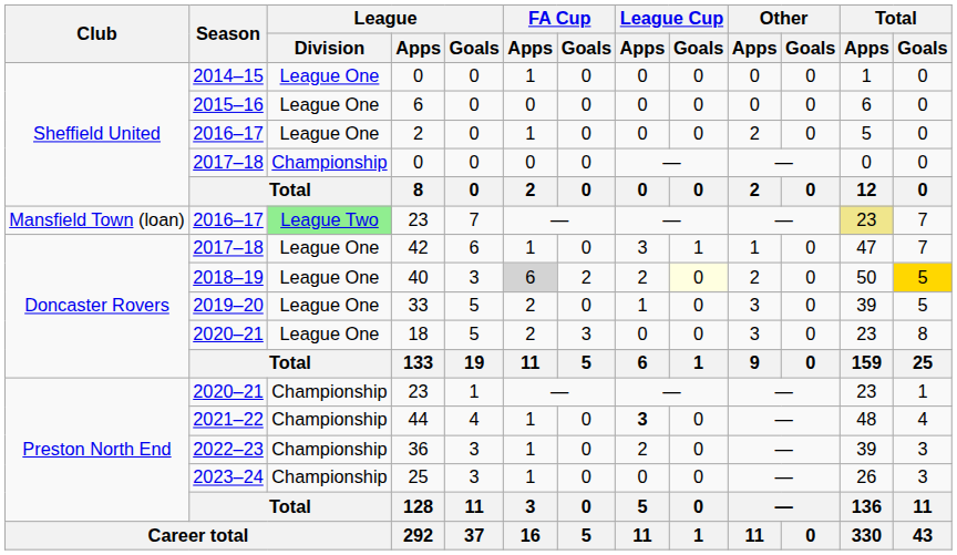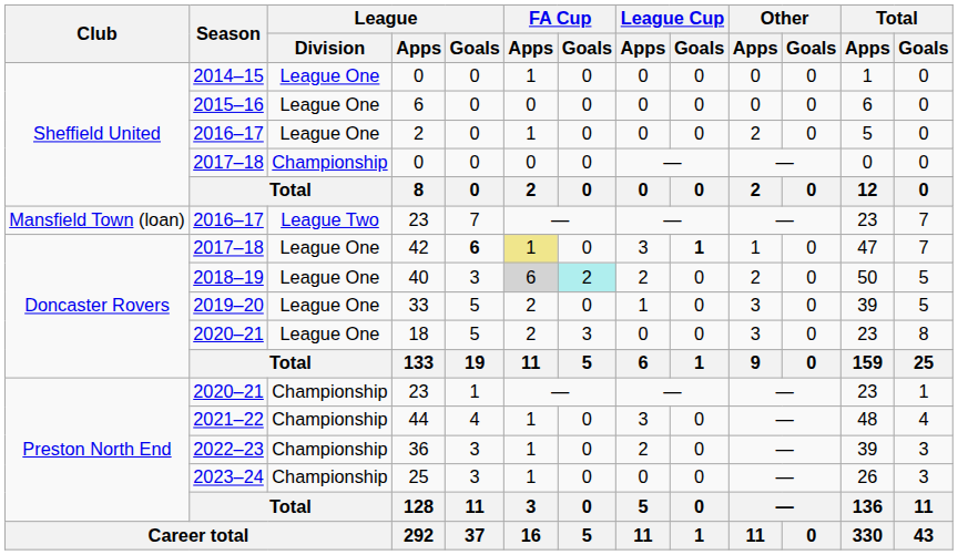 <table class="wikitable" style="text-align: center">
 <tr>
 <th rowspan="2">Club</th>
 <th rowspan="2">Season</th>
 <th colspan="3">League</th>
 <th colspan="2"><a href='#'>FA Cup</a></th>
 <th colspan="2"><a href='#'>League Cup</a></th>
 <th colspan="2">Other</th>
 <th colspan="2">Total</th>
 </tr>
 <tr>
 <th>Division</th>
 <th>Apps</th>
 <th>Goals</th>
 <th>Apps</th>
 <th>Goals</th>
 <th>Apps</th>
 <th>Goals</th>
 <th>Apps</th>
 <th>Goals</th>
 <th>Apps</th>
 <th>Goals</th>
 </tr>
 <tr>
 <td rowspan=5><a href='#'>Sheffield United</a></td>
 <td><a href='#'>2014–15</a></td>
 <td><a href='#'>League One</a></td>
 <td>0</td>
 <td>0</td>
 <td>1</td>
 <td>0</td>
 <td>0</td>
 <td>0</td>
 <td>0</td>
 <td>0</td>
 <td>1</td>
 <td>0</td>
 </tr>
 <tr>
 <td><a href='#'>2015–16</a></td>
 <td>League One</td>
 <td>6</td>
 <td>0</td>
 <td>0</td>
 <td>0</td>
 <td>0</td>
 <td>0</td>
 <td>0</td>
 <td>0</td>
 <td>6</td>
 <td>0</td>
 </tr>
 <tr>
 <td><a href='#'>2016–17</a></td>
 <td>League One</td>
 <td>2</td>
 <td>0</td>
 <td>1</td>
 <td>0</td>
 <td>0</td>
 <td>0</td>
 <td>2</td>
 <td>0</td>
 <td>5</td>
 <td>0</td>
 </tr>
 <tr>
 <td><a href='#'>2017–18</a></td>
 <td><a href='#'>Championship</a></td>
 <td>0</td>
 <td>0</td>
 <td>0</td>
 <td>0</td>
 <td colspan="2">—</td>
 <td colspan="2">—</td>
 <td>0</td>
 <td>0</td>
 </tr>
 <tr>
 <th colspan="2">Total</th>
 <th>8</th>
 <th>0</th>
 <th>2</th>
 <th>0</th>
 <th>0</th>
 <th>0</th>
 <th>2</th>
 <th>0</th>
 <th>12</th>
 <th>0</th>
 </tr>
 <tr>
 <td><a href='#'>Mansfield Town</a> (loan)</td>
 <td><a href='#'>2016–17</a></td>
-<td style="background: lightgreen;"><a href='#'>League Two</a></td>
+<td><a href='#'>League Two</a></td>
 <td>23</td>
 <td>7</td>
 <td colspan="2">—</td>
 <td colspan="2">—</td>
 <td colspan="2">—</td>
-<td style="background: khaki;">23</td>
+<td>23</td>
 <td>7</td>
 </tr>
 <tr>
 <td rowspan="5"><a href='#'>Doncaster Rovers</a></td>
 <td><a href='#'>2017–18</a></td>
 <td>League One</td>
 <td>42</td>
-<td>6</td>
-<td>1</td>
+<td><strong>6</strong></td>
+<td style="background: khaki;">1</td>
 <td>0</td>
 <td>3</td>
-<td>1</td>
+<td><strong>1</strong></td>
 <td>1</td>
 <td>0</td>
 <td>47</td>
 <td>7</td>
 </tr>
 <tr>
 <td><a href='#'>2018–19</a></td>
 <td>League One</td>
 <td>40</td>
 <td>3</td>
 <td style="background: lightgrey;">6</td>
+<td style="background: paleturquoise;">2</td>
 <td>2</td>
-<td>2</td>
-<td style="background: lightyellow;">0</td>
+<td>0</td>
 <td>2</td>
 <td>0</td>
 <td>50</td>
-<td style="background: gold;">5</td>
+<td>5</td>
 </tr>
 <tr>
 <td><a href='#'>2019–20</a></td>
 <td>League One</td>
 <td>33</td>
 <td>5</td>
 <td>2</td>
 <td>0</td>
 <td>1</td>
 <td>0</td>
 <td>3</td>
 <td>0</td>
 <td>39</td>
 <td>5</td>
 </tr>
 <tr>
 <td><a href='#'>2020–21</a></td>
 <td>League One</td>
 <td>18</td>
 <td>5</td>
 <td>2</td>
 <td>3</td>
 <td>0</td>
 <td>0</td>
 <td>3</td>
 <td>0</td>
 <td>23</td>
 <td>8</td>
 </tr>
 <tr>
 <th colspan="2">Total</th>
 <th>133</th>
 <th>19</th>
 <th>11</th>
 <th>5</th>
 <th>6</th>
 <th>1</th>
 <th>9</th>
 <th>0</th>
 <th>159</th>
 <th>25</th>
 </tr>
 <tr>
 <td rowspan="5"><a href='#'>Preston North End</a></td>
 <td><a href='#'>2020–21</a></td>
 <td>Championship</td>
 <td>23</td>
 <td>1</td>
 <td colspan="2">—</td>
 <td colspan="2">—</td>
 <td colspan="2">—</td>
 <td>23</td>
 <td>1</td>
 </tr>
 <tr>
 <td><a href='#'>2021–22</a></td>
 <td>Championship</td>
 <td>44</td>
 <td>4</td>
 <td>1</td>
 <td>0</td>
-<td><strong>3</strong></td>
+<td>3</td>
 <td>0</td>
 <td colspan="2">—</td>
 <td>48</td>
 <td>4</td>
 </tr>
 <tr>
 <td><a href='#'>2022–23</a></td>
 <td>Championship</td>
 <td>36</td>
 <td>3</td>
 <td>1</td>
 <td>0</td>
 <td>2</td>
 <td>0</td>
 <td colspan="2">—</td>
 <td>39</td>
 <td>3</td>
 </tr>
 <tr>
 <td><a href='#'>2023–24</a></td>
 <td>Championship</td>
 <td>25</td>
 <td>3</td>
 <td>1</td>
 <td>0</td>
 <td>0</td>
 <td>0</td>
 <td colspan="2">—</td>
 <td>26</td>
 <td>3</td>
 </tr>
 <tr>
 <th colspan="2">Total</th>
 <th>128</th>
 <th>11</th>
 <th>3</th>
 <th>0</th>
 <th>5</th>
 <th>0</th>
 <th colspan="2">—</th>
 <th>136</th>
 <th>11</th>
 </tr>
 <tr>
 <th colspan="3">Career total</th>
 <th>292</th>
 <th>37</th>
 <th>16</th>
 <th>5</th>
 <th>11</th>
 <th>1</th>
 <th>11</th>
 <th>0</th>
 <th>330</th>
 <th>43</th>
 </tr>
 </table>
